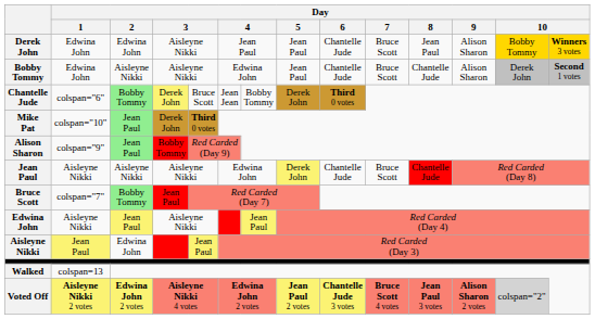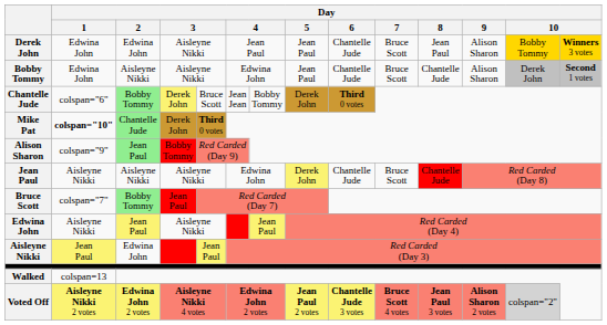 <table class="wikitable" style="text-align:center; font-size:90%; line-height:15px;">
 <tr>
 <th style="width: 7%;" rowspan="2"></th>
 <th colspan=13>Day</th>
 </tr>
 <tr>
 <th style="width: 7%;">1</th>
 <th style="width: 7%;">2</th>
 <th colspan=2 style="width: 7%;">3</th>
 <th colspan=2 style="width: 7%;">4</th>
 <th style="width: 7%;">5</th>
 <th style="width: 7%;">6</th>
 <th style="width: 7%;">7</th>
 <th style="width: 7%;">8</th>
 <th style="width: 7%;">9</th>
 <th colspan="2" style="width: 7%;">10</th>
 </tr>
 <tr>
 <th>Derek<br>John</th>
 <td>Edwina<br>John</td>
 <td>Edwina<br>John</td>
 <td colspan=2>Aisleyne<br>Nikki</td>
 <td colspan=2>Jean<br>Paul</td>
 <td>Jean<br>Paul</td>
 <td>Chantelle<br>Jude</td>
 <td>Bruce<br>Scott</td>
 <td>Jean<br>Paul</td>
 <td>Alison<br>Sharon</td>
 <td bgcolor="gold">Bobby<br>Tommy</td>
 <td bgcolor="gold"><strong>Winners</strong><br><small>3 votes</small></td>
 </tr>
 <tr>
 <th>Bobby<br>Tommy</th>
 <td>Edwina<br>John</td>
 <td>Aisleyne<br>Nikki</td>
 <td colspan=2>Aisleyne<br>Nikki</td>
 <td colspan=2>Edwina<br>John</td>
 <td>Jean<br>Paul</td>
 <td>Chantelle<br>Jude</td>
 <td>Bruce<br>Scott</td>
 <td>Chantelle<br>Jude</td>
 <td>Alison<br>Sharon</td>
 <td bgcolor="silver">Derek<br>John</td>
 <td bgcolor="silver"><strong>Second</strong><br><small>1 votes</small></td>
 </tr>
 <tr>
 <th>Chantelle<br>Jude</th>
 <td>colspan="6" </td>
 <td style="background:lightgreen;">Bobby<br>Tommy</td>
 <td style="background:#fbf373;">Derek<br>John</td>
 <td>Bruce<br>Scott</td>
 <td>Jean<br>Jean</td>
 <td>Bobby<br>Tommy</td>
 <td bgcolor="#cc9933">Derek<br>John</td>
 <td bgcolor="#cc9933"><strong>Third</strong><br><small>0 votes</small></td>
 </tr>
 <tr>
 <th>Mike<br>Pat</th>
-<td>colspan="10" </td>
-<td style="background:lightgreen;">Jean<br>Paul</td>
+<td><strong>colspan="10" </strong></td>
+<td style="background:lightgreen;">Chantelle<br>Jude</td>
 <td bgcolor="#cc9933">Derek<br>John</td>
 <td bgcolor="#cc9933"><strong>Third</strong><br><small>0 votes</small></td>
 </tr>
 <tr>
 <th>Alison<br>Sharon</th>
 <td>colspan="9" </td>
 <td style="background:lightgreen;">Jean<br>Paul</td>
 <td style="background:red;">Bobby<br>Tommy</td>
 <td colspan="2" style="background:#fa8072"><em>Red Carded</em><br>(Day 9)</td>
 </tr>
 <tr>
 <th>Jean<br>Paul</th>
 <td>Aisleyne<br>Nikki</td>
 <td>Aisleyne<br>Nikki</td>
 <td colspan=2>Aisleyne<br>Nikki</td>
 <td colspan=2>Edwina<br>John</td>
 <td style="background:#fbf373;">Derek<br>John</td>
 <td>Chantelle<br>Jude</td>
 <td>Bruce<br>Scott</td>
 <td style="background:red;">Chantelle<br>Jude</td>
 <td colspan="3" style="background:#fa8072"><em>Red Carded</em><br>(Day 8)</td>
 </tr>
 <tr>
 <th>Bruce<br>Scott</th>
 <td>colspan="7" </td>
 <td style="background:lightgreen;">Bobby<br>Tommy</td>
 <td style="background:red;">Jean<br>Paul</td>
 <td colspan="4" style="background:#fa8072"><em>Red Carded</em><br>(Day 7)</td>
 </tr>
 <tr>
 <th>Edwina<br>John</th>
 <td>Aisleyne<br>Nikki</td>
 <td style="background:#fbf373;">Jean<br>Paul</td>
 <td colspan=2>Aisleyne<br>Nikki</td>
 <td style="background:red;"></td>
 <td style="background:#fbf373;">Jean<br>Paul</td>
 <td colspan="7" style="background:#fa8072;"><em>Red Carded</em><br>(Day 4)</td>
 </tr>
 <tr>
 <th>Aisleyne<br>Nikki</th>
 <td style="background:#fbf373;">Jean<br>Paul</td>
 <td>Edwina<br>John</td>
 <td style="background:red;"></td>
 <td style="background:#fbf373;">Jean<br>Paul</td>
 <td colspan="9" style="background:#fa8072;"><em>Red Carded</em><br>(Day 3)</td>
 </tr>
 <tr>
 <th style="background:black;" colspan="14"></th>
 </tr>
 <tr>
 <th>Walked</th>
 <td>colspan=13 </td>
 </tr>
 <tr>
 <th>Voted Off</th>
 <td style="background:#fbf373;"><strong>Aisleyne<br>Nikki</strong><br><small>2 votes</small></td>
 <td style="background:#fbf373;"><strong>Edwina<br>John</strong><br><small>2 votes</small></td>
 <td colspan=2 style="background:#fa8072;"><strong>Aisleyne<br>Nikki</strong><br><small>4 votes</small></td>
 <td colspan=2 style="background:#fa8072;"><strong>Edwina<br>John</strong><br><small>2 votes</small></td>
 <td style="background:#fbf373;"><strong>Jean<br>Paul</strong><br><small>2 votes</small></td>
 <td style="background:#fbf373;"><strong>Chantelle<br>Jude</strong><br><small>3 votes</small></td>
 <td style="background:#fa8072;"><strong>Bruce<br>Scott</strong><br><small>4 votes</small></td>
 <td style="background:#fa8072;"><strong>Jean<br>Paul</strong><br><small>3 votes</small></td>
 <td style="background:#fa8072;"><strong>Alison<br>Sharon</strong><br><small>2 votes</small></td>
 <td style="background: lightgrey;">colspan="2" </td>
 </tr>
 </table>
